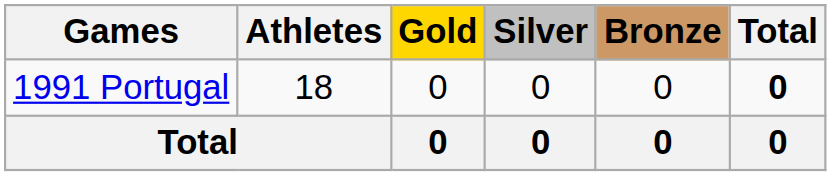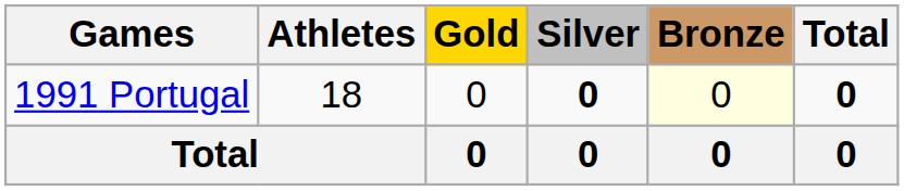 <table class="wikitable" style="text-align:center;">
 <tr>
 <th>Games</th>
 <th>Athletes</th>
 <td style="background:gold; font-weight:bold;">Gold</td>
 <td style="background:silver; font-weight:bold;">Silver</td>
 <td style="background:#cc9966; font-weight:bold;">Bronze</td>
 <th style="font-weight:bold;">Total</th>
 </tr>
 <tr>
 <td align=left> <a href='#'>1991 Portugal</a></td>
 <td>18</td>
 <td>0</td>
-<td>0</td>
-<td>0</td>
+<td><strong>0</strong></td>
+<td style="background: lightyellow;">0</td>
 <td><strong>0</strong></td>
 </tr>
 <tr>
 <th colspan=2>Total</th>
 <th>0</th>
 <th>0</th>
 <th>0</th>
 <th>0</th>
 </tr>
 </table>
